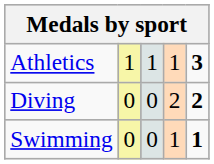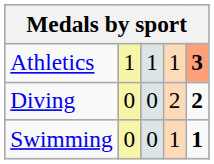 <table class="wikitable" style="font-size:90%; text-align:center;">
 <tr>
 <th colspan="5">Medals by sport</th>
 </tr>
 <tr>
 <td align="left"><a href='#'>Athletics</a></td>
 <td style="background:#F7F6A8;">1</td>
 <td style="background:#DCE5E5;">1</td>
 <td style="background:#FFDAB9;">1</td>
-<td><strong>3</strong></td>
+<td style="background: lightsalmon;"><strong>3</strong></td>
 </tr>
 <tr>
 <td align="left"><a href='#'>Diving</a></td>
 <td style="background:#F7F6A8;">0</td>
 <td style="background:#DCE5E5;">0</td>
 <td style="background:#FFDAB9;">2</td>
 <td><strong>2</strong></td>
 </tr>
 <tr>
 <td align="left"><a href='#'>Swimming</a></td>
 <td style="background:#F7F6A8;">0</td>
 <td style="background:#DCE5E5;">0</td>
 <td style="background:#FFDAB9;">1</td>
 <td><strong>1</strong></td>
 </tr>
 </table>
